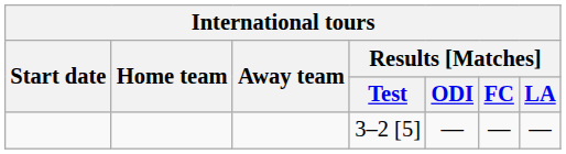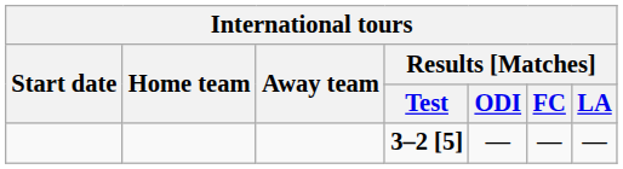 <table class="wikitable">
 <tr>
 <th colspan="7">International tours</th>
 </tr>
 <tr>
 <th rowspan="2">Start date</th>
 <th rowspan="2">Home team</th>
 <th rowspan="2">Away team</th>
 <th colspan="4">Results [Matches]</th>
 </tr>
 <tr>
 <th><a href='#'>Test</a></th>
 <th><a href='#'>ODI</a></th>
 <th><a href='#'>FC</a></th>
 <th><a href='#'>LA</a></th>
 </tr>
 <tr>
 <td><a href='#'></a></td>
 <td></td>
 <td></td>
-<td>3–2 [5]</td>
+<td><strong>3–2 [5]</strong></td>
 <td ; style="text-align:center">—</td>
 <td ; style="text-align:center">—</td>
 <td ; style="text-align:center">—</td>
 </tr>
 </table>
